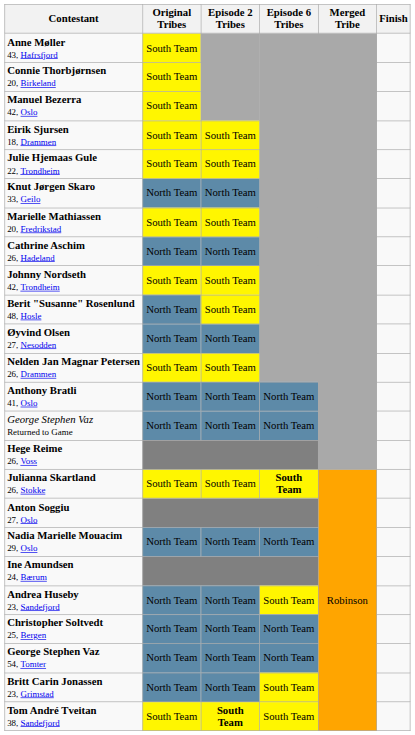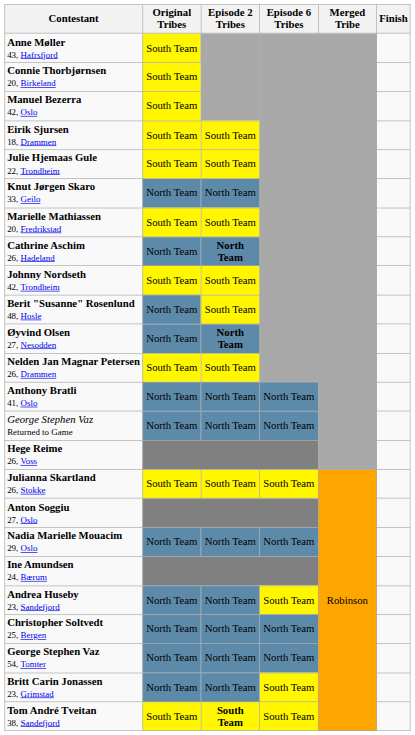 <table class="wikitable sortable" style="margin:auto; text-align:center">
 <tr>
 <th>Contestant</th>
 <th width=80>Original<br>Tribes</th>
 <th width=80>Episode 2<br>Tribes</th>
 <th width=80>Episode 6<br>Tribes</th>
 <th width=80>Merged<br>Tribe</th>
 <th>Finish</th>
 </tr>
 <tr>
 <td align="left"><strong>Anne Møller</strong><br><small>43, <a href='#'>Hafrsfjord</a></small></td>
 <td bgcolor="#FFF600">South Team</td>
 <td bgcolor="darkgray" rowspan="3"></td>
 <td bgcolor="darkgray" rowspan="12"></td>
 <td bgcolor="darkgray" rowspan="15"></td>
 <td></td>
 </tr>
 <tr>
 <td align="left"><strong>Connie Thorbjørnsen</strong><br><small>20, <a href='#'>Birkeland</a></small></td>
 <td bgcolor="#FFF600">South Team</td>
 <td></td>
 </tr>
 <tr>
 <td align="left"><strong>Manuel Bezerra</strong><br><small>42, <a href='#'>Oslo</a></small></td>
 <td bgcolor="#FFF600">South Team</td>
 <td></td>
 </tr>
 <tr>
 <td align="left"><strong>Eirik Sjursen</strong><br><small>18, <a href='#'>Drammen</a></small></td>
 <td bgcolor="#FFF600">South Team</td>
 <td bgcolor="#FFF600">South Team</td>
 <td></td>
 </tr>
 <tr>
 <td align="left"><strong>Julie Hjemaas Gule</strong><br><small>22, <a href='#'>Trondheim</a></small></td>
 <td bgcolor="#FFF600">South Team</td>
 <td bgcolor="#FFF600">South Team</td>
 <td></td>
 </tr>
 <tr>
 <td align="left"><strong>Knut Jørgen Skaro</strong><br><small>33, <a href='#'>Geilo</a></small></td>
 <td bgcolor="#5D8AA8">North Team</td>
 <td bgcolor="#5D8AA8">North Team</td>
 <td></td>
 </tr>
 <tr>
 <td align="left"><strong>Marielle Mathiassen</strong><br><small>20, <a href='#'>Fredrikstad</a></small></td>
 <td bgcolor="#FFF600">South Team</td>
 <td bgcolor="#FFF600">South Team</td>
 <td></td>
 </tr>
 <tr>
 <td align="left"><strong>Cathrine Aschim</strong><br><small>26, <a href='#'>Hadeland</a></small></td>
 <td bgcolor="#5D8AA8">North Team</td>
-<td bgcolor="#5D8AA8">North Team</td>
+<td bgcolor="#5D8AA8"><strong>North Team</strong></td>
 <td></td>
 </tr>
 <tr>
 <td align="left"><strong>Johnny Nordseth</strong><br><small>42, <a href='#'>Trondheim</a></small></td>
 <td bgcolor="#FFF600">South Team</td>
 <td bgcolor="#FFF600">South Team</td>
 <td></td>
 </tr>
 <tr>
 <td align="left"><strong>Berit "Susanne" Rosenlund</strong><br><small>48, <a href='#'>Hosle</a></small></td>
 <td bgcolor="#5D8AA8">North Team</td>
 <td bgcolor="#FFF600">South Team</td>
 <td></td>
 </tr>
 <tr>
 <td align="left"><strong>Øyvind Olsen</strong><br><small>27, <a href='#'>Nesodden</a></small></td>
 <td bgcolor="#5D8AA8">North Team</td>
-<td bgcolor="#5D8AA8">North Team</td>
+<td bgcolor="#5D8AA8"><strong>North Team</strong></td>
 <td></td>
 </tr>
 <tr>
 <td align="left"><strong>Nelden Jan Magnar Petersen</strong><br><small>26, <a href='#'>Drammen</a></small></td>
 <td bgcolor="#FFF600">South Team</td>
 <td bgcolor="#FFF600">South Team</td>
 <td></td>
 </tr>
 <tr>
 <td align="left"><strong>Anthony Bratli</strong><br><small>41, <a href='#'>Oslo</a></small></td>
 <td bgcolor="#5D8AA8">North Team</td>
 <td bgcolor="#5D8AA8">North Team</td>
 <td bgcolor="#5D8AA8">North Team</td>
 <td></td>
 </tr>
 <tr>
 <td align="left"><em>George Stephen Vaz</em><br><small>Returned to Game</small></td>
 <td bgcolor="#5D8AA8">North Team</td>
 <td bgcolor="#5D8AA8">North Team</td>
 <td bgcolor="#5D8AA8">North Team</td>
 <td></td>
 </tr>
 <tr>
 <td align="left"><strong>Hege Reime</strong><br><small>26, <a href='#'>Voss</a></small></td>
 <td bgcolor="gray" colspan=3></td>
 <td></td>
 </tr>
 <tr>
 <td align="left"><strong>Julianna Skartland</strong><br><small>26, <a href='#'>Stokke</a></small></td>
 <td bgcolor="#FFF600">South Team</td>
 <td bgcolor="#FFF600">South Team</td>
-<td bgcolor="#FFF600"><strong>South Team</strong></td>
+<td bgcolor="#FFF600">South Team</td>
 <td bgcolor="orange" rowspan=9>Robinson</td>
 <td></td>
 </tr>
 <tr>
 <td align="left"><strong>Anton Soggiu</strong><br><small>27, <a href='#'>Oslo</a></small></td>
 <td bgcolor="gray" colspan=3></td>
 <td></td>
 </tr>
 <tr>
 <td align="left"><strong>Nadia Marielle Mouacim</strong><br><small>29, <a href='#'>Oslo</a></small></td>
 <td bgcolor="#5D8AA8">North Team</td>
 <td bgcolor="#5D8AA8">North Team</td>
 <td bgcolor="#5D8AA8">North Team</td>
 <td></td>
 </tr>
 <tr>
 <td align="left"><strong>Ine Amundsen</strong><br><small>24, <a href='#'>Bærum</a></small></td>
 <td bgcolor="gray" colspan=3></td>
 <td></td>
 </tr>
 <tr>
 <td align="left"><strong>Andrea Huseby</strong><br><small>23, <a href='#'>Sandefjord</a></small></td>
 <td bgcolor="#5D8AA8">North Team</td>
 <td bgcolor="#5D8AA8">North Team</td>
 <td bgcolor="#FFF600">South Team</td>
 <td></td>
 </tr>
 <tr>
 <td align="left"><strong>Christopher Soltvedt</strong><br><small>25, <a href='#'>Bergen</a></small></td>
 <td bgcolor="#5D8AA8">North Team</td>
 <td bgcolor="#5D8AA8">North Team</td>
 <td bgcolor="#5D8AA8">North Team</td>
 <td></td>
 </tr>
 <tr>
 <td align="left"><strong>George Stephen Vaz</strong><br><small>54, <a href='#'>Tomter</a></small></td>
 <td bgcolor="#5D8AA8">North Team</td>
 <td bgcolor="#5D8AA8">North Team</td>
 <td bgcolor="#5D8AA8">North Team</td>
 <td></td>
 </tr>
 <tr>
 <td align="left"><strong>Britt Carin Jonassen</strong><br><small>23, <a href='#'>Grimstad</a></small></td>
 <td bgcolor="#5D8AA8">North Team</td>
 <td bgcolor="#5D8AA8">North Team</td>
 <td bgcolor="#FFF600">South Team</td>
 <td></td>
 </tr>
 <tr>
 <td align="left"><strong>Tom André Tveitan</strong><br><small>38, <a href='#'>Sandefjord</a></small></td>
 <td bgcolor="#FFF600">South Team</td>
 <td bgcolor="#FFF600"><strong>South Team</strong></td>
 <td bgcolor="#FFF600">South Team</td>
 <td></td>
 </tr>
 </table>
